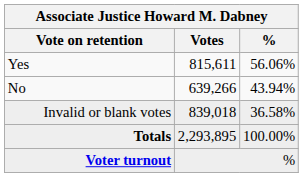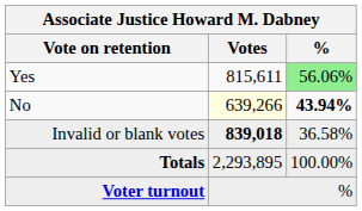 <table class="wikitable" style="font-size: 95%;">
 <tr style="background-color:#E9E9E9">
 <th colspan=7>Associate Justice Howard M. Dabney</th>
 </tr>
 <tr style="background-color:#E9E9E9">
 <th style="width: 170px">Vote on retention</th>
 <th style="width: 50px">Votes</th>
 <th style="width: 40px">%</th>
 </tr>
 <tr>
 <td>Yes</td>
 <td align="right">815,611</td>
-<td align="right">56.06%</td>
+<td align="right" style="background: lightgreen;">56.06%</td>
 </tr>
 <tr>
 <td>No</td>
-<td align="right">639,266</td>
-<td align="right">43.94%</td>
+<td align="right" style="background: lightyellow;">639,266</td>
+<td align="right"><strong>43.94%</strong></td>
 </tr>
 <tr style="background-color:#EEEEEE">
 <td align="right">Invalid or blank votes</td>
-<td align="right">839,018</td>
+<td align="right"><strong>839,018</strong></td>
 <td align="right">36.58%</td>
 </tr>
 <tr style="background-color:#EEEEEE">
 <td colspan="1" align="right"><strong>Totals</strong></td>
 <td align="right">2,293,895</td>
 <td align="right">100.00%</td>
 </tr>
 <tr style="background-color:#EEEEEE">
 <td align="right"><strong><a href='#'>Voter turnout</a></strong></td>
 <td colspan="2" align="right">%</td>
 </tr>
 </table>
